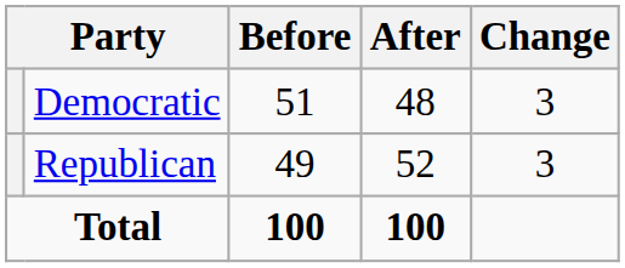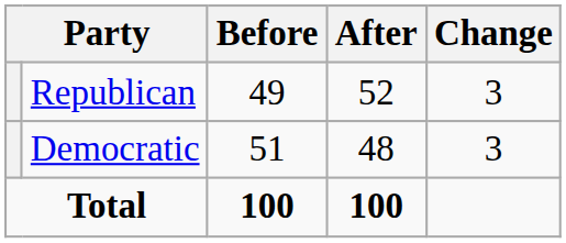 <table class="wikitable" style="text-align:center;">
 <tr>
 <th colspan="2">Party</th>
 <th>Before</th>
 <th>After</th>
 <th>Change</th>
 </tr>
 <tr>
 <th style="background-color:"></th>
-<td style="text-align:left;"><a href='#'>Democratic</a></td>
-<td>51</td>
-<td>48</td>
+<td style="text-align:left;"><a href='#'>Republican</a></td>
+<td>49</td>
+<td>52</td>
 <td> 3</td>
 </tr>
 <tr>
 <th style="background-color:"></th>
-<td style="text-align:left;"><a href='#'>Republican</a></td>
-<td>49</td>
-<td>52</td>
+<td style="text-align:left;"><a href='#'>Democratic</a></td>
+<td>51</td>
+<td>48</td>
 <td> 3</td>
 </tr>
 <tr>
 <td colspan="2"><strong>Total</strong></td>
 <td><strong>100</strong></td>
 <td><strong>100</strong></td>
 <td></td>
 </tr>
 </table>
